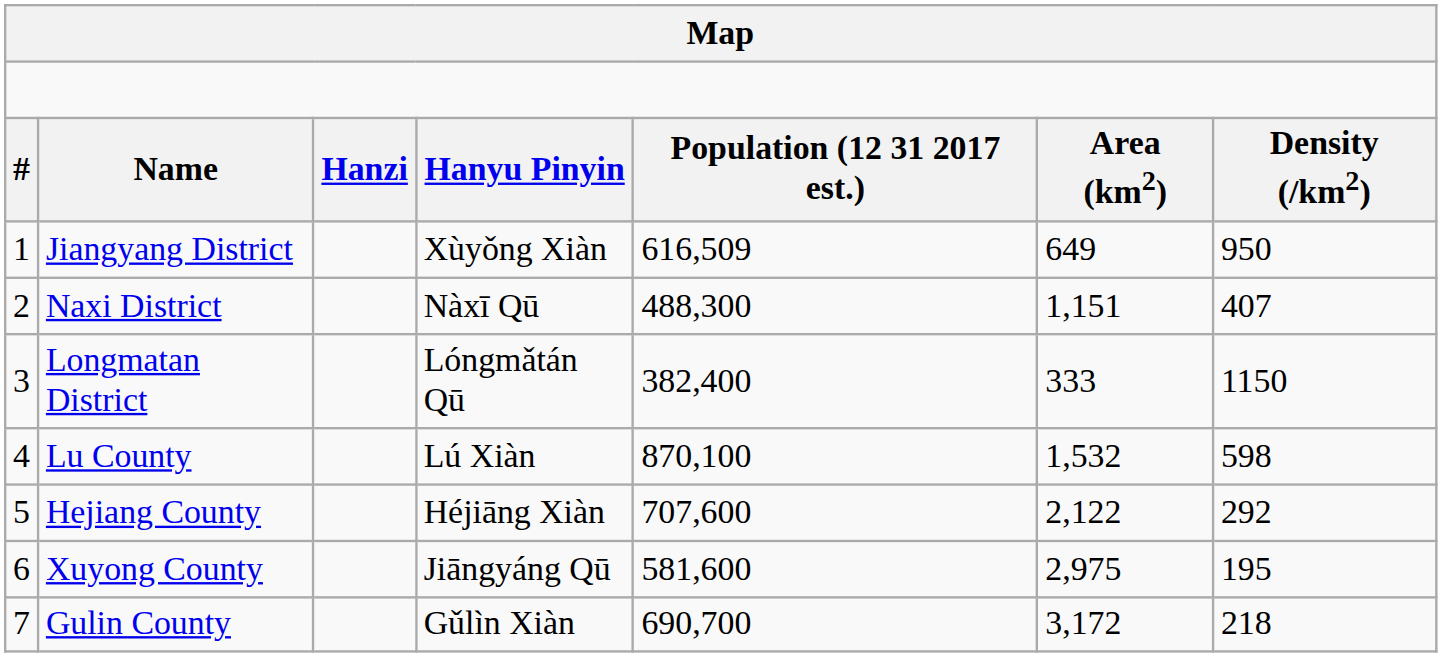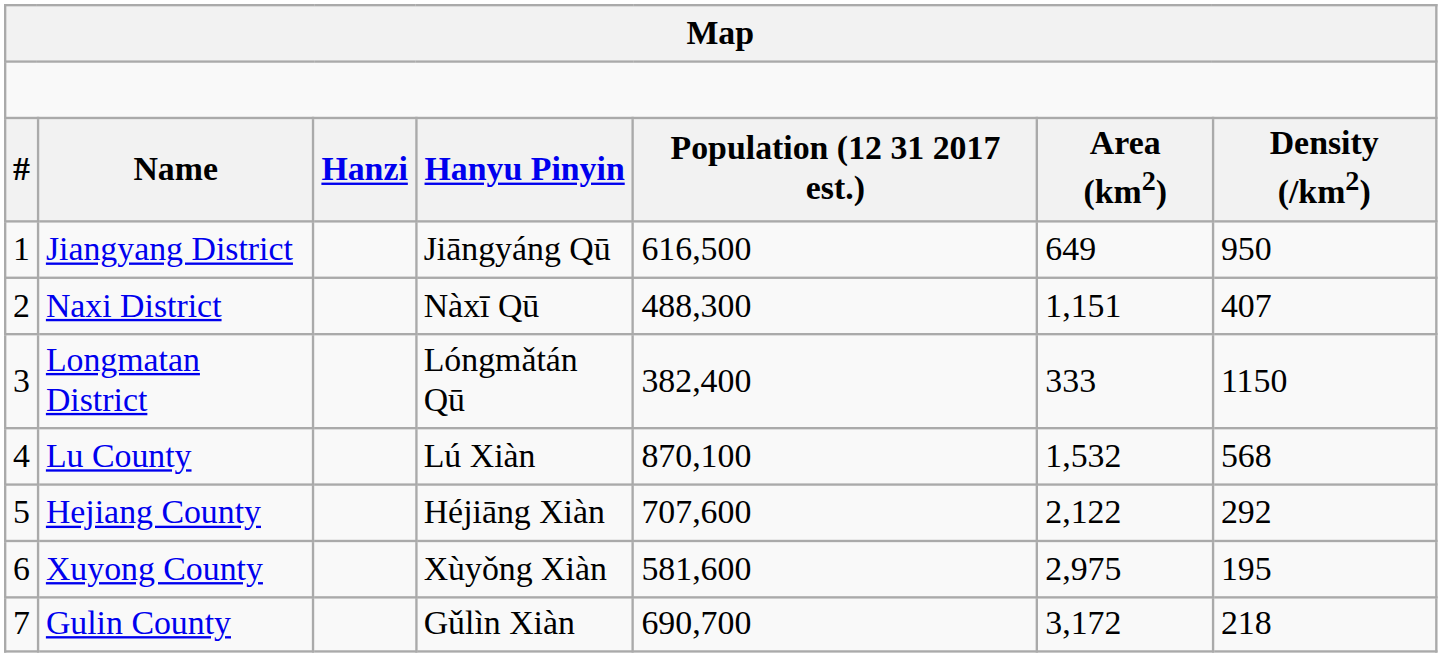 <table class="wikitable"  style="font-size:90%;" align=center>
 <tr>
 <th colspan="7" align="center">Map</th>
 </tr>
 <tr>
 <td colspan="7" align="center"><div><br>          </div></td>
 </tr>
 <tr>
 <th>#</th>
 <th>Name</th>
 <th><a href='#'>Hanzi</a></th>
 <th><a href='#'>Hanyu Pinyin</a></th>
 <th>Population (12 31 2017 est.)</th>
 <th>Area (km<sup>2</sup>)</th>
 <th>Density (/km<sup>2</sup>)</th>
 </tr>
 <tr --------->
 <td>1</td>
 <td><a href='#'>Jiangyang District</a></td>
 <td></td>
-<td>Xùyǒng Xiàn</td>
-<td>616,509</td>
+<td>Jiāngyáng Qū</td>
+<td>616,500</td>
 <td>649</td>
 <td>950</td>
 </tr>
 <tr --------->
 <td>2</td>
 <td><a href='#'>Naxi District</a></td>
 <td></td>
 <td>Nàxī Qū</td>
 <td>488,300</td>
 <td>1,151</td>
 <td>407</td>
 </tr>
 <tr --------->
 <td>3</td>
 <td><a href='#'>Longmatan District</a></td>
 <td></td>
 <td>Lóngmǎtán Qū</td>
 <td>382,400</td>
 <td>333</td>
 <td>1150</td>
 </tr>
 <tr --------->
 <td>4</td>
 <td><a href='#'>Lu County</a></td>
 <td></td>
 <td>Lú Xiàn</td>
 <td>870,100</td>
 <td>1,532</td>
-<td>598</td>
+<td>568</td>
 </tr>
 <tr --------->
 <td>5</td>
 <td><a href='#'>Hejiang County</a></td>
 <td></td>
 <td>Héjiāng Xiàn</td>
 <td>707,600</td>
 <td>2,122</td>
 <td>292</td>
 </tr>
 <tr --------->
 <td>6</td>
 <td><a href='#'>Xuyong County</a></td>
 <td></td>
-<td>Jiāngyáng Qū</td>
+<td>Xùyǒng Xiàn</td>
 <td>581,600</td>
 <td>2,975</td>
 <td>195</td>
 </tr>
 <tr --------->
 <td>7</td>
 <td><a href='#'>Gulin County</a></td>
 <td></td>
 <td>Gǔlìn Xiàn</td>
 <td>690,700</td>
 <td>3,172</td>
 <td>218</td>
 </tr>
 </table>
